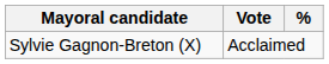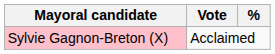 <table class="wikitable">
 <tr>
 <th bgcolor="#DDDDFF" width="200px">Mayoral candidate</th>
 <th bgcolor="#DDDDFF" width="50px">Vote</th>
 <th bgcolor="#DDDDFF" width="30px">%</th>
 </tr>
 <tr>
-<td>Sylvie Gagnon-Breton (X)</td>
+<td style="background: pink;">Sylvie Gagnon-Breton (X)</td>
 <td colspan="2">Acclaimed</td>
 </tr>
 </table>
